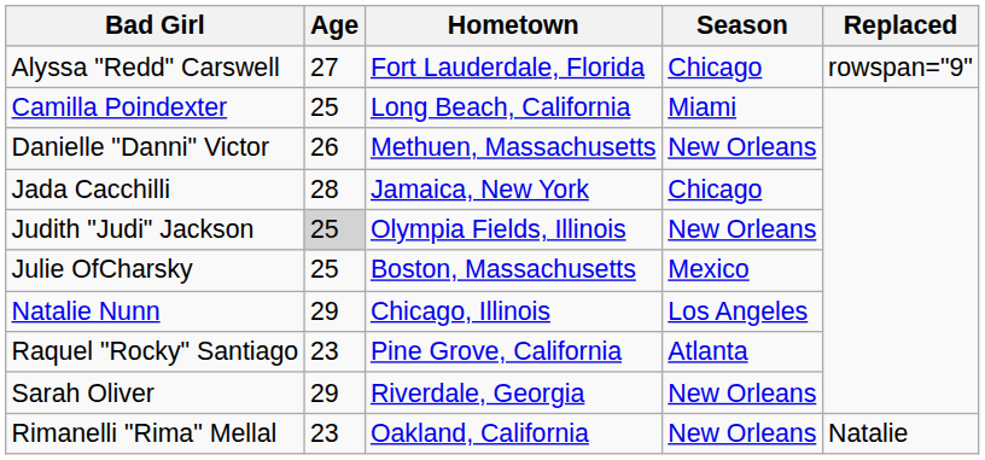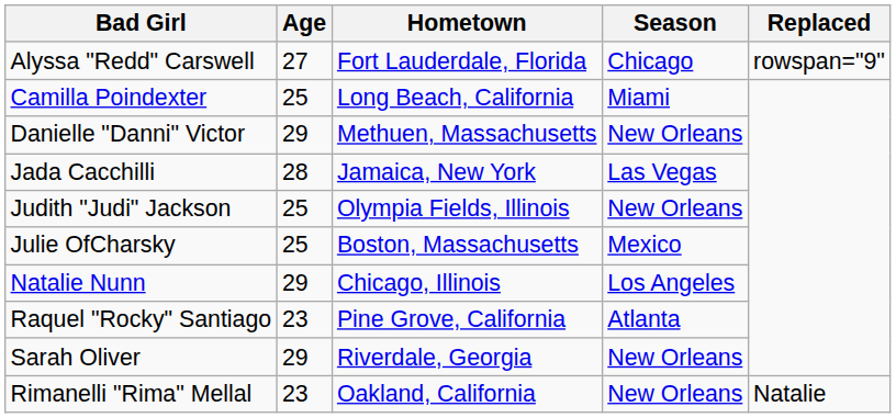 <table class="wikitable sortable plainrowheaders">
 <tr>
 <th scope="col">Bad Girl</th>
 <th scope="col">Age</th>
 <th scope="col">Hometown</th>
 <th scope="col">Season</th>
 <th scope="col">Replaced</th>
 </tr>
 <tr>
 <td scope="row">Alyssa "Redd" Carswell</td>
 <td>27</td>
 <td><a href='#'>Fort Lauderdale, Florida</a></td>
 <td><a href='#'>Chicago</a></td>
 <td>rowspan="9" </td>
 </tr>
 <tr>
 <td scope="row"><a href='#'>Camilla Poindexter</a></td>
 <td>25</td>
 <td><a href='#'>Long Beach, California</a></td>
 <td><a href='#'>Miami</a></td>
 </tr>
 <tr>
 <td scope="row">Danielle "Danni" Victor</td>
-<td>26</td>
+<td>29</td>
 <td><a href='#'>Methuen, Massachusetts</a></td>
 <td><a href='#'>New Orleans</a></td>
 </tr>
 <tr>
 <td scope="row">Jada Cacchilli</td>
 <td>28</td>
 <td><a href='#'>Jamaica, New York</a></td>
-<td><a href='#'>Chicago</a></td>
+<td><a href='#'>Las Vegas</a></td>
 </tr>
 <tr>
 <td scope="row">Judith "Judi" Jackson</td>
-<td style="background: lightgrey;">25</td>
+<td>25</td>
 <td><a href='#'>Olympia Fields, Illinois</a></td>
 <td><a href='#'>New Orleans</a></td>
 </tr>
 <tr>
 <td scope="row">Julie OfCharsky</td>
 <td>25</td>
 <td><a href='#'>Boston, Massachusetts</a></td>
 <td><a href='#'>Mexico</a></td>
 </tr>
 <tr>
 <td scope="row"><a href='#'>Natalie Nunn</a></td>
 <td>29</td>
 <td><a href='#'>Chicago, Illinois</a></td>
 <td><a href='#'>Los Angeles</a></td>
 </tr>
 <tr>
 <td scope="row">Raquel "Rocky" Santiago</td>
 <td>23</td>
 <td><a href='#'>Pine Grove, California</a></td>
 <td><a href='#'>Atlanta</a></td>
 </tr>
 <tr>
 <td scope="row">Sarah Oliver</td>
 <td>29</td>
 <td><a href='#'>Riverdale, Georgia</a></td>
 <td><a href='#'>New Orleans</a></td>
 </tr>
 <tr>
 <td scope="row">Rimanelli "Rima" Mellal</td>
 <td>23</td>
 <td><a href='#'>Oakland, California</a></td>
 <td><a href='#'>New Orleans</a></td>
 <td>Natalie</td>
 </tr>
 </table>
